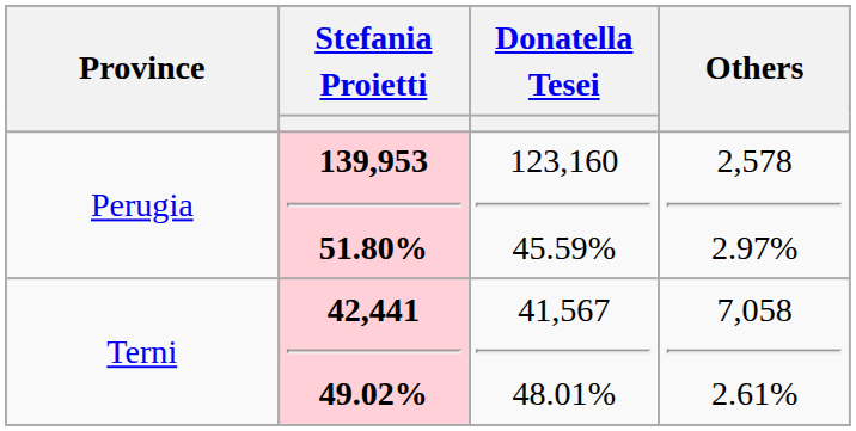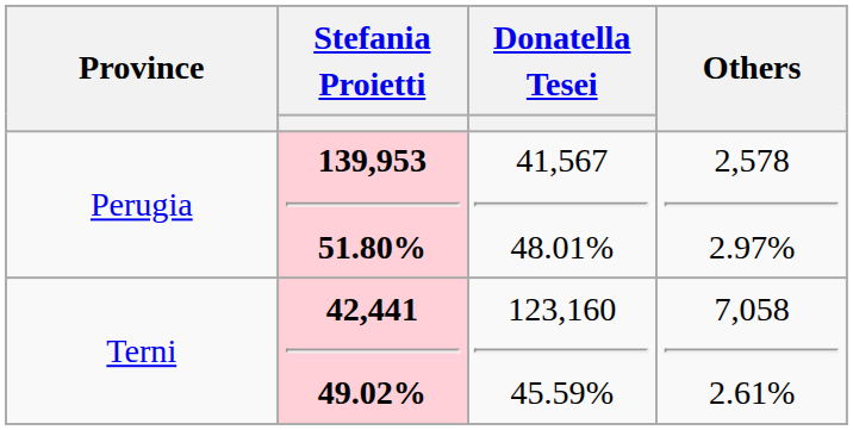 <table class="wikitable" style="text-align:center;font-size:90%;line-height:20px">
 <tr style="height:30px; background-color:#E9E9E9">
 <th style="width:110px;" rowspan="2">Province</th>
 <th style="width:75px;"><a href='#'>Stefania Proietti</a></th>
 <th style="width:75px;"><a href='#'>Donatella Tesei</a></th>
 <th rowspan="2" style="width:75px;">Others</th>
 </tr>
 <tr>
 <th style="background:"></th>
 <th style="background:"></th>
 </tr>
 <tr>
 <td><a href='#'>Perugia</a></td>
 <td style="background:#FFD0D7"><strong>139,953 <hr>51.80%</strong></td>
-<td>123,160 <hr>45.59%</td>
+<td>41,567 <hr>48.01%</td>
 <td>2,578 <hr>2.97%</td>
 </tr>
 <tr>
 <td><a href='#'>Terni</a></td>
 <td style="background:#FFD0D7"><strong>42,441 <hr>49.02%</strong></td>
-<td>41,567 <hr>48.01%</td>
+<td>123,160 <hr>45.59%</td>
 <td>7,058 <hr>2.61%</td>
 </tr>
 </table>
